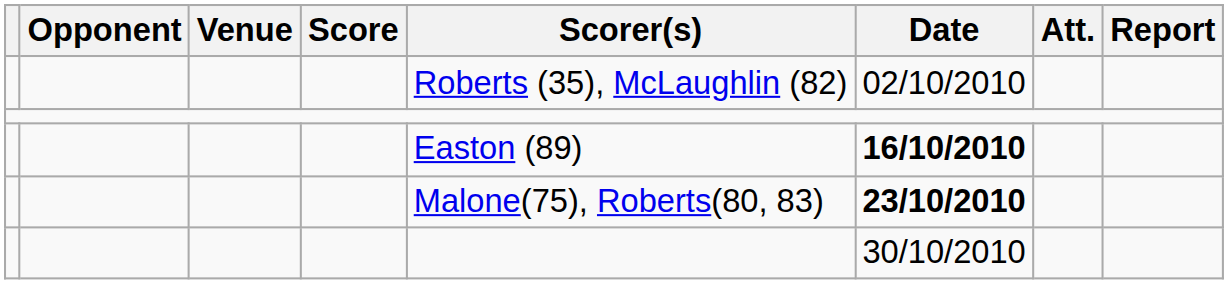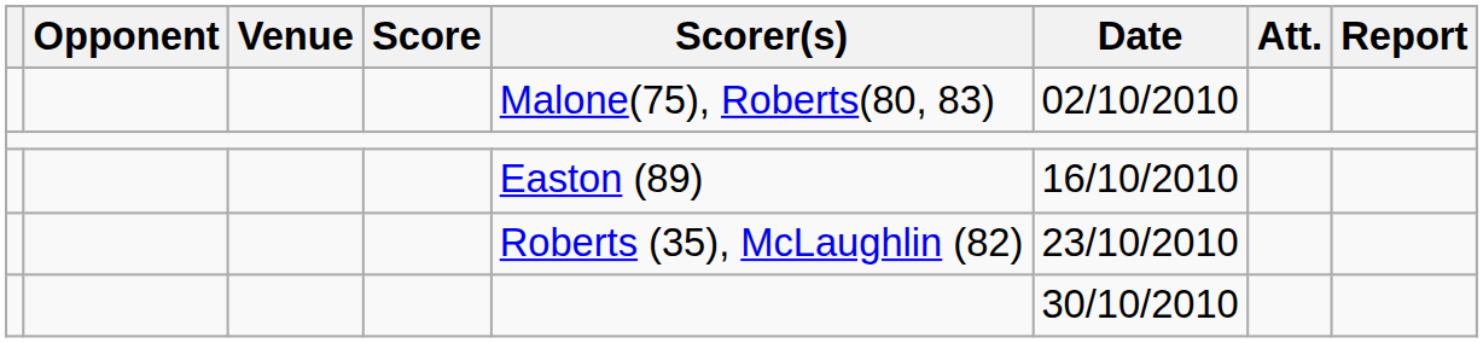 <table class="wikitable">
 <tr>
 <th></th>
 <th>Opponent</th>
 <th>Venue</th>
 <th>Score</th>
 <th>Scorer(s)</th>
 <th>Date</th>
 <th>Att.</th>
 <th>Report</th>
 </tr>
 <tr>
 <td></td>
 <td></td>
 <td></td>
 <td></td>
-<td><a href='#'>Roberts</a> (35), <a href='#'>McLaughlin</a> (82)</td>
+<td><a href='#'>Malone</a>(75), <a href='#'>Roberts</a>(80, 83)</td>
 <td>02/10/2010</td>
 <td></td>
 <td></td>
 </tr>
 <tr>
 <td colspan=8></td>
 </tr>
 <tr>
 <td></td>
 <td></td>
 <td></td>
 <td></td>
 <td><a href='#'>Easton</a> (89)</td>
-<td><strong>16/10/2010</strong></td>
+<td>16/10/2010</td>
 <td></td>
 <td></td>
 </tr>
 <tr>
 <td></td>
 <td></td>
 <td></td>
 <td></td>
-<td><a href='#'>Malone</a>(75), <a href='#'>Roberts</a>(80, 83)</td>
-<td><strong>23/10/2010</strong></td>
+<td><a href='#'>Roberts</a> (35), <a href='#'>McLaughlin</a> (82)</td>
+<td>23/10/2010</td>
 <td></td>
 <td></td>
 </tr>
 <tr>
 <td></td>
 <td></td>
 <td></td>
 <td></td>
 <td></td>
 <td>30/10/2010</td>
 <td></td>
 <td></td>
 </tr>
 </table>
